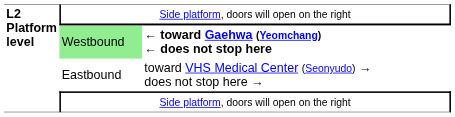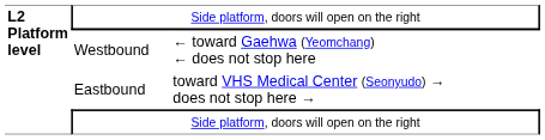 <table table border=0 cellspacing=0 cellpadding=3>
 <tr>
 <td style="border-top:solid 1px gray;border-bottom:solid 1px gray;" width=50 rowspan=10 valign=top><strong>L2<br>Platform level</strong></td>
 <td style="border-top:solid 1px gray;border-right:solid 2px black;border-left:solid 2px black;border-bottom:solid 2px black;text-align:center;" colspan=2><small><a href='#'>Side platform</a>, doors will open on the right </small></td>
 </tr>
 <tr>
-<td style="background: lightgreen; border-bottom:solid 0px gray;border-top:solid 1px gray;" width=100>Westbound</td>
-<td style="border-bottom:solid 0px gray;border-top:solid 1px gray;" width=390><strong>←  toward <a href='#'>Gaehwa</a> <small>(<a href='#'>Yeomchang</a>)</small><br>← <span> does not stop here</span></strong></td>
+<td style="border-bottom:solid 0px gray;border-top:solid 1px gray;" width=100>Westbound</td>
+<td style="border-bottom:solid 0px gray;border-top:solid 1px gray;" width=390>←  toward <a href='#'>Gaehwa</a> <small>(<a href='#'>Yeomchang</a>)</small><br>← <span> does not stop here</span></td>
 </tr>
 <tr>
 <td>Eastbound</td>
 <td>  toward <a href='#'>VHS Medical Center</a> <small>(<a href='#'>Seonyudo</a>)</small> →<br>  does not stop here →</td>
 </tr>
 <tr>
 <td style="border-top:solid 2px black;border-right:solid 2px black;border-left:solid 2px black;border-bottom:solid 1px gray;text-align:center;" colspan=2><small><a href='#'>Side platform</a>, doors will open on the right </small></td>
 </tr>
 </table>
